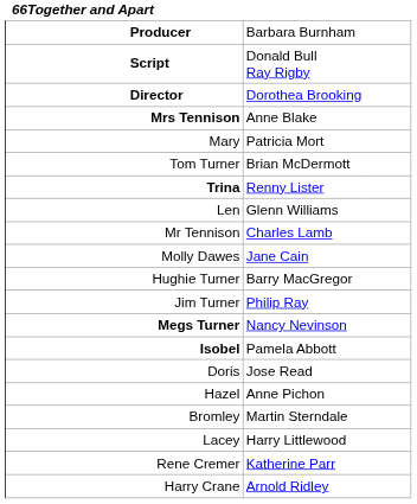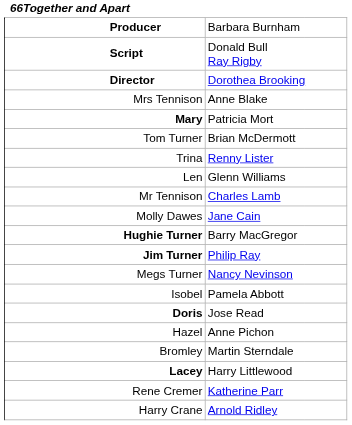 <table class="wikitable mw-collapsible mw-collapsed" style="vertical-align:top;margin:auto 2em;line-height:1.2;min-width:33em;display: inline-table;background-color:inherit;border:none;">
 <tr>
 <td class=unsortable style="border:hidden;line-height:1.67;text-align:center;margin-left:-1em;padding-left:0.5em;min-width:1.0em;"></td>
 <td class=unsortable style="border:none;padding-left:0.5em;text-align:left;min-width:16.5em;font-weight:700;font-style:italic;">66Together and Apart</td>
 <td class=unsortable style="border:none;text-align:right;font-weight:normal;font-family:Courier;font-size:95%;letter-spacing:-1pt;min-width:8.5em;padding-right:0.2em;"></td>
 <td class=unsortable style="border:hidden;min-width:3.5em;padding-left:0;"></td>
 <td class=unsortable style="border:none;min-width:3.5em;font-size:95%;"></td>
 </tr>
 <tr>
 <td rowspan=100 style="border:none thin;border-right-style :solid;"></td>
 </tr>
 <tr>
 <td style="text-align:left;padding-left:9.0em;font-weight:bold;">Producer</td>
 <td colspan=2>Barbara Burnham</td>
 </tr>
 <tr>
 <td style="text-align:left;padding-left:9.0em;font-weight:bold;">Script</td>
 <td colspan=2>Donald Bull<br><a href='#'>Ray Rigby</a></td>
 </tr>
 <tr>
 <td style="text-align:left;padding-left:9.0em;font-weight:bold;">Director</td>
 <td colspan=2><a href='#'>Dorothea Brooking</a></td>
 </tr>
 <tr>
-<td style="text-align:right;"><strong>Mrs Tennison</strong></td>
+<td style="text-align:right;">Mrs Tennison</td>
 <td colspan=2>Anne Blake</td>
 </tr>
 <tr>
-<td style="text-align:right;">Mary</td>
+<td style="text-align:right;"><strong>Mary</strong></td>
 <td colspan=2>Patricia Mort</td>
 </tr>
 <tr>
 <td style="text-align:right;">Tom Turner</td>
 <td colspan=2>Brian McDermott</td>
 </tr>
 <tr>
-<td style="text-align:right;"><strong>Trina</strong></td>
+<td style="text-align:right;">Trina</td>
 <td colspan=2><a href='#'>Renny Lister</a></td>
 </tr>
 <tr>
 <td style="text-align:right;">Len</td>
 <td colspan=2>Glenn Williams</td>
 </tr>
 <tr>
 <td style="text-align:right;">Mr Tennison</td>
 <td colspan=2><a href='#'>Charles Lamb</a></td>
 </tr>
 <tr>
 <td style="text-align:right;">Molly Dawes</td>
 <td colspan=2><a href='#'>Jane Cain</a></td>
 </tr>
 <tr>
-<td style="text-align:right;">Hughie Turner</td>
+<td style="text-align:right;"><strong>Hughie Turner</strong></td>
 <td colspan=2>Barry MacGregor</td>
 </tr>
 <tr>
-<td style="text-align:right;">Jim Turner</td>
+<td style="text-align:right;"><strong>Jim Turner</strong></td>
 <td colspan=2><a href='#'>Philip Ray</a></td>
 </tr>
 <tr>
-<td style="text-align:right;"><strong>Megs Turner</strong></td>
+<td style="text-align:right;">Megs Turner</td>
 <td colspan=2><a href='#'>Nancy Nevinson</a></td>
 </tr>
 <tr>
-<td style="text-align:right;"><strong>Isobel</strong></td>
+<td style="text-align:right;">Isobel</td>
 <td colspan=2>Pamela Abbott</td>
 </tr>
 <tr>
-<td style="text-align:right;">Doris</td>
+<td style="text-align:right;"><strong>Doris</strong></td>
 <td colspan=2>Jose Read</td>
 </tr>
 <tr>
 <td style="text-align:right;">Hazel</td>
 <td colspan=2>Anne Pichon</td>
 </tr>
 <tr>
 <td style="text-align:right;">Bromley</td>
 <td colspan=2>Martin Sterndale</td>
 </tr>
 <tr>
-<td style="text-align:right;">Lacey</td>
+<td style="text-align:right;"><strong>Lacey</strong></td>
 <td colspan=2>Harry Littlewood</td>
 </tr>
 <tr>
 <td style="text-align:right;">Rene Cremer</td>
 <td colspan=2><a href='#'>Katherine Parr</a></td>
 </tr>
 <tr>
 <td style="text-align:right;">Harry Crane</td>
 <td colspan=2><a href='#'>Arnold Ridley</a></td>
 </tr>
 </table>
